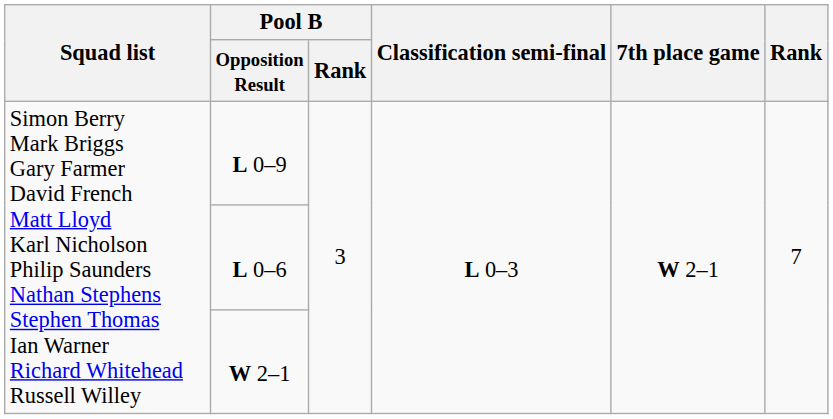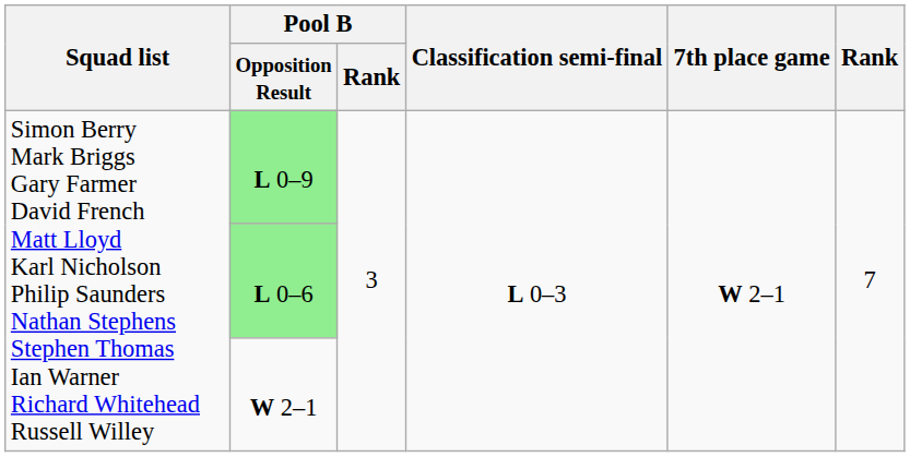 <table class="wikitable" style="text-align:left; font-size:100%">
 <tr>
 <th rowspan="2" width="25%">Squad list</th>
 <th colspan="2">Pool B</th>
 <th rowspan="2">Classification semi-final</th>
 <th rowspan="2">7th place game</th>
 <th rowspan="2">Rank</th>
 </tr>
 <tr>
 <th><small>Opposition<br>Result</small></th>
 <th>Rank</th>
 </tr>
 <tr>
 <td rowspan="3">Simon Berry <br> Mark Briggs <br> Gary Farmer <br> David French <br> <a href='#'>Matt Lloyd</a> <br> Karl Nicholson <br> Philip Saunders <br> <a href='#'>Nathan Stephens</a> <br> <a href='#'>Stephen Thomas</a> <br> Ian Warner <br> <a href='#'>Richard Whitehead</a> <br> Russell Willey</td>
-<td align=center><br><strong>L</strong> 0–9<br></td>
+<td align=center style="background: lightgreen;"><br><strong>L</strong> 0–9<br></td>
 <td rowspan="3" align=center>3</td>
 <td rowspan="3" align=center><br><strong>L</strong> 0–3</td>
 <td rowspan="3" align=center><br><strong>W</strong> 2–1</td>
 <td rowspan="3" align=center>7</td>
 </tr>
 <tr>
-<td align=center><br><strong>L</strong> 0–6<br></td>
+<td align=center style="background: lightgreen;"><br><strong>L</strong> 0–6<br></td>
 </tr>
 <tr>
 <td align=center><br><strong>W</strong> 2–1<br></td>
 </tr>
 </table>
